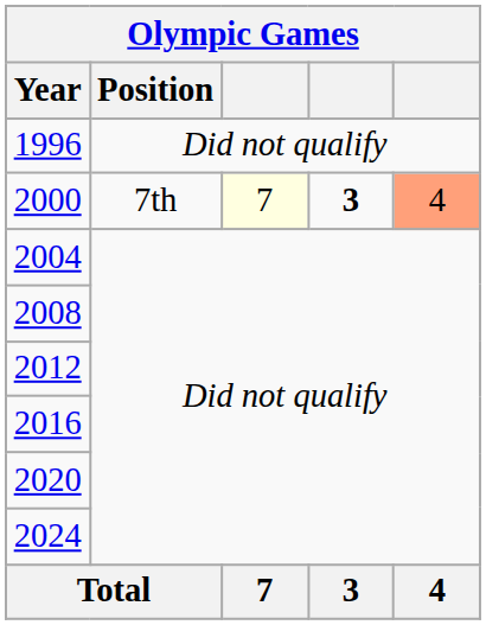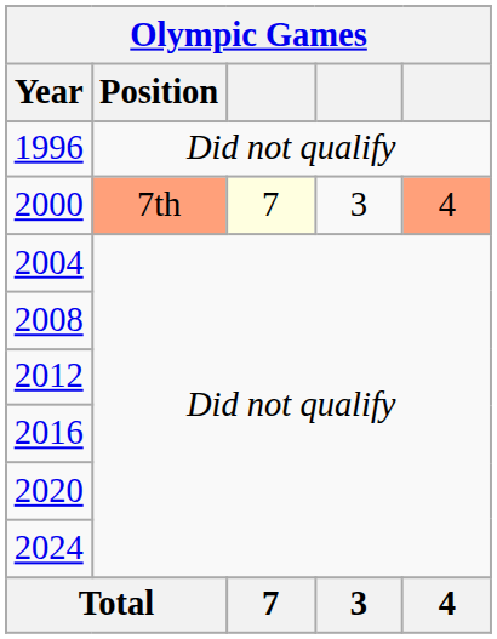 <table class="wikitable" style="text-align: center;font-size:90%;">
 <tr>
 <th colspan=5><a href='#'>Olympic Games</a></th>
 </tr>
 <tr>
 <th>Year</th>
 <th>Position</th>
 <th width=30></th>
 <th width=30></th>
 <th width=30></th>
 </tr>
 <tr>
 <td> <a href='#'>1996</a></td>
 <td colspan="4"><em>Did not qualify</em></td>
 </tr>
 <tr>
 <td> <a href='#'>2000</a></td>
-<td>7th</td>
+<td style="background: lightsalmon;">7th</td>
 <td style="background: lightyellow;">7</td>
-<td><strong>3</strong></td>
+<td>3</td>
 <td style="background: lightsalmon;">4</td>
 </tr>
 <tr>
 <td> <a href='#'>2004</a></td>
 <td colspan="4" rowspan="6"><em>Did not qualify</em></td>
 </tr>
 <tr>
 <td> <a href='#'>2008</a></td>
 </tr>
 <tr>
 <td> <a href='#'>2012</a></td>
 </tr>
 <tr>
 <td> <a href='#'>2016</a></td>
 </tr>
 <tr>
 <td> <a href='#'>2020</a></td>
 </tr>
 <tr>
 <td> <a href='#'>2024</a></td>
 </tr>
 <tr>
 <th colspan=2>Total</th>
 <th>7</th>
 <th>3</th>
 <th>4</th>
 </tr>
 </table>
